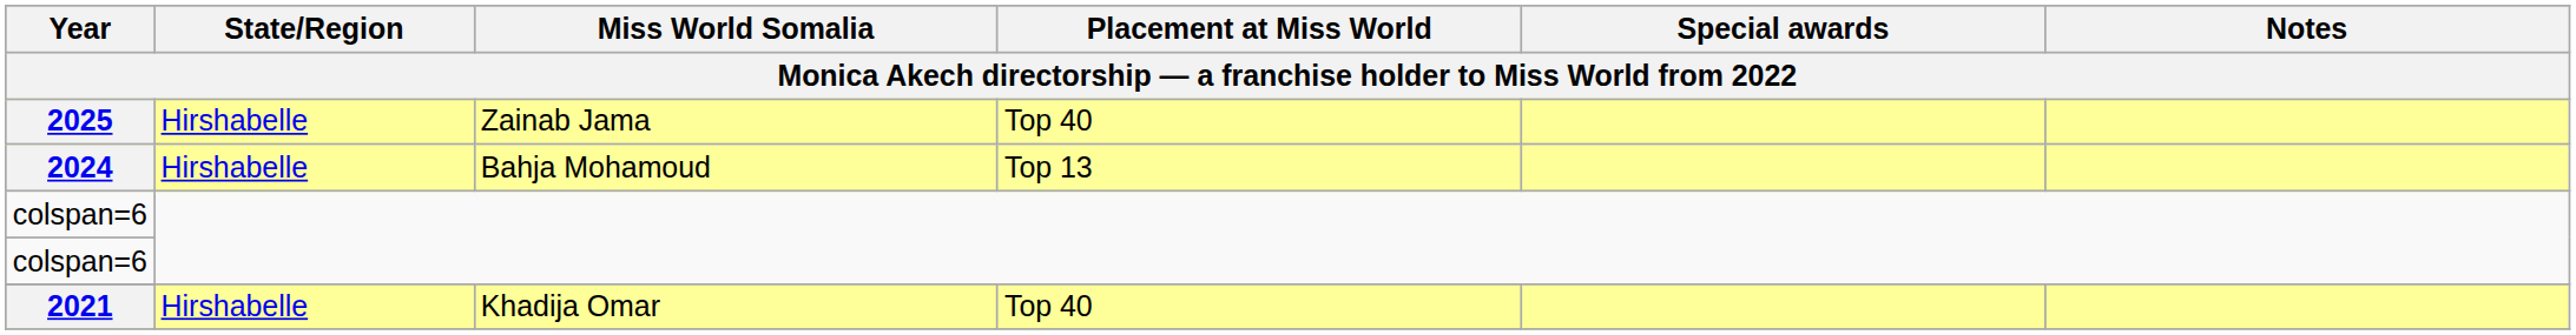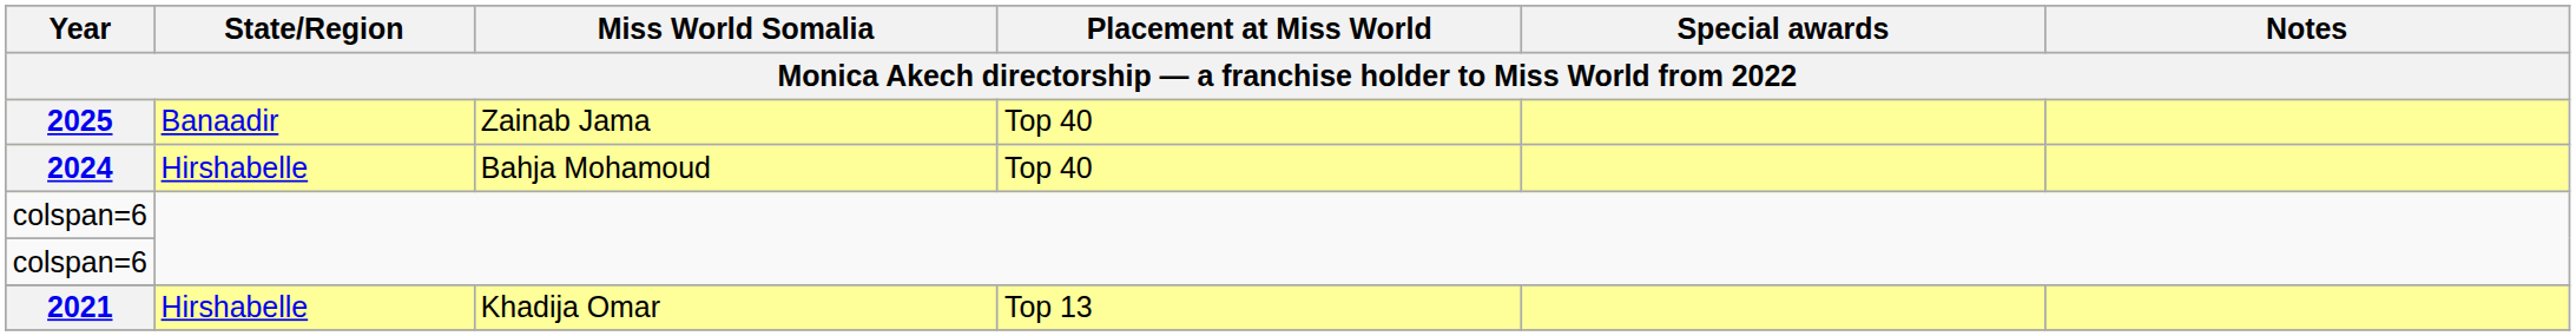 <table class="wikitable " style="font-size: 90%;">
 <tr>
 <th width="60">Year</th>
 <th width="150">State/Region</th>
 <th width="250">Miss World Somalia</th>
 <th width="250">Placement at Miss World</th>
 <th width="250">Special awards</th>
 <th width="250">Notes</th>
 </tr>
 <tr>
 <th colspan="6">Monica Akech directorship — a franchise holder to Miss World from 2022</th>
 </tr>
 <tr style="background-color:#FFFF99; ">
 <th><a href='#'>2025</a></th>
-<td><a href='#'>Hirshabelle</a></td>
+<td><a href='#'>Banaadir</a></td>
 <td>Zainab Jama</td>
 <td>Top 40</td>
 <td></td>
 <td></td>
 </tr>
 <tr style="background-color:#FFFF99; ">
 <th><a href='#'>2024</a></th>
 <td><a href='#'>Hirshabelle</a></td>
 <td>Bahja Mohamoud</td>
-<td>Top 13</td>
+<td>Top 40</td>
 <td></td>
 <td></td>
 </tr>
 <tr>
 <td>colspan=6 </td>
 </tr>
 <tr>
 <td>colspan=6 </td>
 </tr>
 <tr>
 </tr>
 <tr style="background-color:#FFFF99; ">
 <th><a href='#'>2021</a></th>
 <td><a href='#'>Hirshabelle</a></td>
 <td>Khadija Omar</td>
-<td>Top 40</td>
+<td>Top 13</td>
 <td></td>
 <td></td>
 </tr>
 </table>
